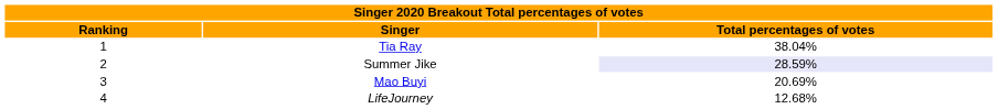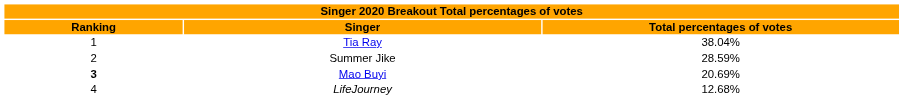 <table width="100%" style="text-align:center">
 <tr style="background:orange">
 <td colspan="3"><div><strong>Singer 2020 Breakout Total percentages of votes</strong></div></td>
 </tr>
 <tr style="background:orange">
 <td style="width:20%"><strong>Ranking</strong></td>
 <td style="width:40%"><strong>Singer</strong></td>
 <td style="width:40%"><strong>Total percentages of votes</strong></td>
 </tr>
 <tr>
 <td>1</td>
 <td><a href='#'>Tia Ray</a></td>
 <td>38.04%</td>
 </tr>
 <tr>
 <td>2</td>
 <td>Summer Jike</td>
-<td style="background: lavender;">28.59%</td>
+<td>28.59%</td>
 </tr>
 <tr>
-<td>3</td>
+<td><strong>3</strong></td>
 <td><a href='#'>Mao Buyi</a></td>
 <td>20.69%</td>
 </tr>
 <tr>
 <td>4</td>
 <td><em>LifeJourney</em></td>
 <td>12.68%</td>
 </tr>
 </table>
